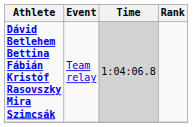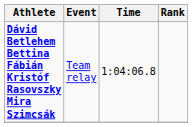 <table class="wikitable" style="text-align:center; font-size:90%; width:30%;">
 <tr>
 <th>Athlete</th>
 <th>Event</th>
 <th>Time</th>
 <th>Rank</th>
 </tr>
 <tr>
 <td align="left"><strong><a href='#'>Dávid Betlehem</a><br><a href='#'>Bettina Fábián</a><br><a href='#'>Kristóf Rasovszky</a><br><a href='#'>Mira Szimcsák</a></strong></td>
 <td align="left"><a href='#'>Team relay</a></td>
-<td style="background: lightgrey;">1:04:06.8</td>
+<td>1:04:06.8</td>
 <td></td>
 </tr>
 <tr>
 </tr>
 </table>
